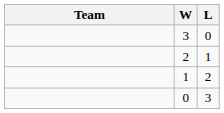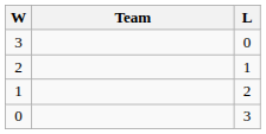 <table class="wikitable" style="text-align:center">
 <tr>
+<th width=20>W</th>
 <th width=200>Team</th>
-<th width=20>W</th>
 <th width=20>L</th>
 </tr>
 <tr>
+<td>3</td>
 <td style="text-align:left;"></td>
-<td>3</td>
 <td>0</td>
 </tr>
 <tr>
+<td>2</td>
 <td style="text-align:left;"></td>
-<td>2</td>
 <td>1</td>
 </tr>
 <tr>
+<td>1</td>
 <td style="text-align:left;"></td>
-<td>1</td>
 <td>2</td>
 </tr>
 <tr>
+<td>0</td>
 <td style="text-align:left;"></td>
-<td>0</td>
 <td>3</td>
 </tr>
 </table>
